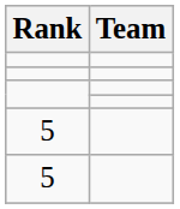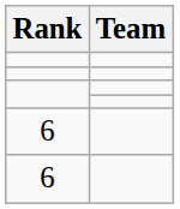 <table class="wikitable">
 <tr>
 <th>Rank</th>
 <th>Team</th>
 </tr>
 <tr>
 <td align=center></td>
 <td></td>
 </tr>
 <tr>
 <td align=center></td>
 <td></td>
 </tr>
 <tr>
 <td align=center rowspan=2></td>
 <td></td>
 </tr>
 <tr>
 <td></td>
 </tr>
 <tr>
-<td align=center>5</td>
+<td align=center>6</td>
 <td></td>
 </tr>
 <tr>
-<td align=center>5</td>
+<td align=center>6</td>
 <td></td>
 </tr>
 </table>
